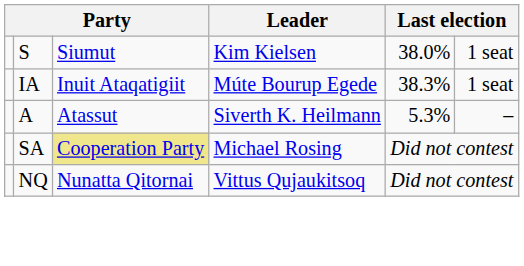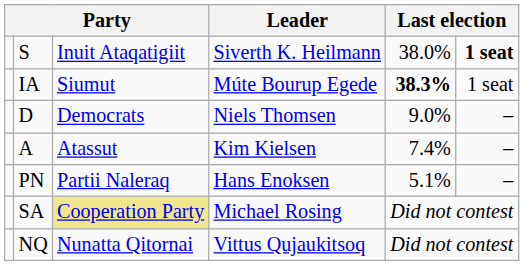 <table class="wikitable">
 <tr>
 <th colspan="3">Party</th>
 <th>Leader</th>
 <th colspan="2">Last election</th>
 </tr>
 <tr>
 <td></td>
 <td>S</td>
-<td><a href='#'>Siumut</a></td>
-<td><a href='#'>Kim Kielsen</a></td>
+<td><a href='#'>Inuit Ataqatigiit</a></td>
+<td><a href='#'>Siverth K. Heilmann</a></td>
 <td align=right>38.0%</td>
-<td align=right>1 seat</td>
+<td align=right><strong>1 seat</strong></td>
 </tr>
 <tr>
 <td></td>
 <td>IA</td>
-<td><a href='#'>Inuit Ataqatigiit</a></td>
+<td><a href='#'>Siumut</a></td>
 <td><a href='#'>Múte Bourup Egede</a></td>
-<td align=right>38.3%</td>
+<td align=right><strong>38.3%</strong></td>
 <td align=right>1 seat</td>
+</tr>
+<tr>
+<td bgcolor=></td>
+<td>D</td>
+<td><a href='#'>Democrats</a></td>
+<td><a href='#'>Niels Thomsen</a></td>
+<td align=right>9.0%</td>
+<td align=right>–</td>
 </tr>
 <tr>
 <td></td>
 <td>A</td>
 <td><a href='#'>Atassut</a></td>
-<td><a href='#'>Siverth K. Heilmann</a></td>
-<td align=right>5.3%</td>
+<td><a href='#'>Kim Kielsen</a></td>
+<td align=right>7.4%</td>
+<td align=right>–</td>
+</tr>
+<tr>
+<td></td>
+<td>PN</td>
+<td><a href='#'>Partii Naleraq</a></td>
+<td><a href='#'>Hans Enoksen</a></td>
+<td align=right>5.1%</td>
 <td align=right>–</td>
 </tr>
 <tr>
 <td bgcolor=></td>
 <td>SA</td>
 <td style="background: khaki;"><a href='#'>Cooperation Party</a></td>
 <td><a href='#'>Michael Rosing</a></td>
 <td colspan="2"><em>Did not contest</em></td>
 </tr>
 <tr>
 <td bgcolor=></td>
 <td>NQ</td>
 <td><a href='#'>Nunatta Qitornai</a></td>
 <td><a href='#'>Vittus Qujaukitsoq</a></td>
 <td colspan="2"><em>Did not contest</em></td>
 </tr>
 </table>
